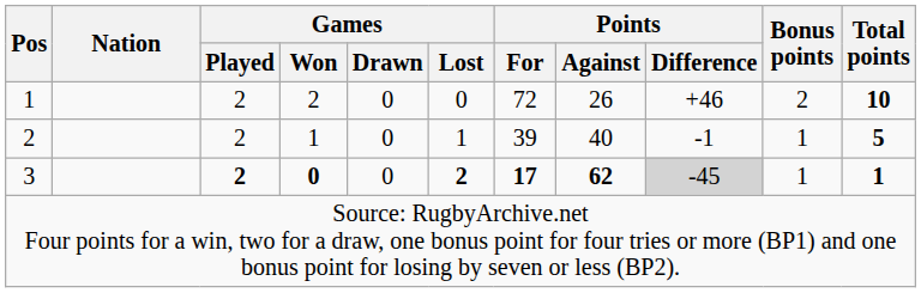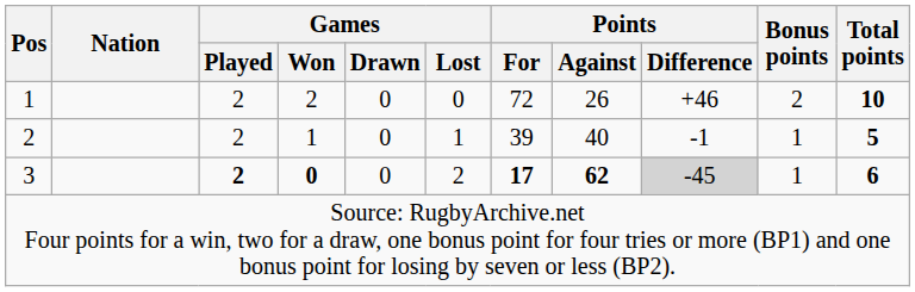 <table class="wikitable" style="text-align:center">
 <tr>
 <th rowspan="2" style="width:5%;">Pos</th>
 <th rowspan="2" style="width:22%;">Nation</th>
 <th colspan="4" style="width:32%;">Games</th>
 <th colspan="3" style="width:32%;">Points</th>
 <th rowspan="2" style="width:9%;">Bonus<br>points</th>
 <th rowspan="2" style="width:9%;">Total<br>points</th>
 </tr>
 <tr>
 <th style="width:8%;">Played</th>
 <th style="width:8%;">Won</th>
 <th style="width:8%;">Drawn</th>
 <th style="width:8%;">Lost</th>
 <th style="width:8%;">For</th>
 <th style="width:8%;">Against</th>
 <th style="width:8%;">Difference</th>
 </tr>
 <tr>
 <td>1</td>
 <td align="left"></td>
 <td>2</td>
 <td>2</td>
 <td>0</td>
 <td>0</td>
 <td>72</td>
 <td>26</td>
 <td>+46</td>
 <td>2</td>
 <td><strong>10</strong></td>
 </tr>
 <tr>
 <td>2</td>
 <td align="left"></td>
 <td>2</td>
 <td>1</td>
 <td>0</td>
 <td>1</td>
 <td>39</td>
 <td>40</td>
 <td>-1</td>
 <td>1</td>
 <td><strong>5</strong></td>
 </tr>
 <tr>
 <td>3</td>
 <td align="left"></td>
 <td><strong>2</strong></td>
 <td><strong>0</strong></td>
 <td>0</td>
-<td><strong>2</strong></td>
+<td>2</td>
 <td><strong>17</strong></td>
 <td><strong>62</strong></td>
 <td style="background: lightgrey;">-45</td>
 <td>1</td>
-<td><strong>1</strong></td>
+<td><strong>6</strong></td>
 </tr>
 <tr>
 <td colspan="100%" style="text-align:center;">Source: RugbyArchive.net<br>Four points for a win, two for a draw, one bonus point for four tries or more (BP1) and one bonus point for losing by seven or less (BP2).</td>
 </tr>
 </table>
